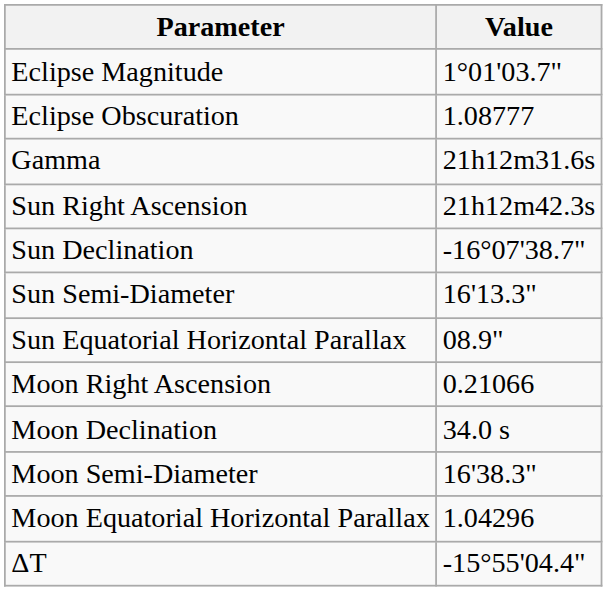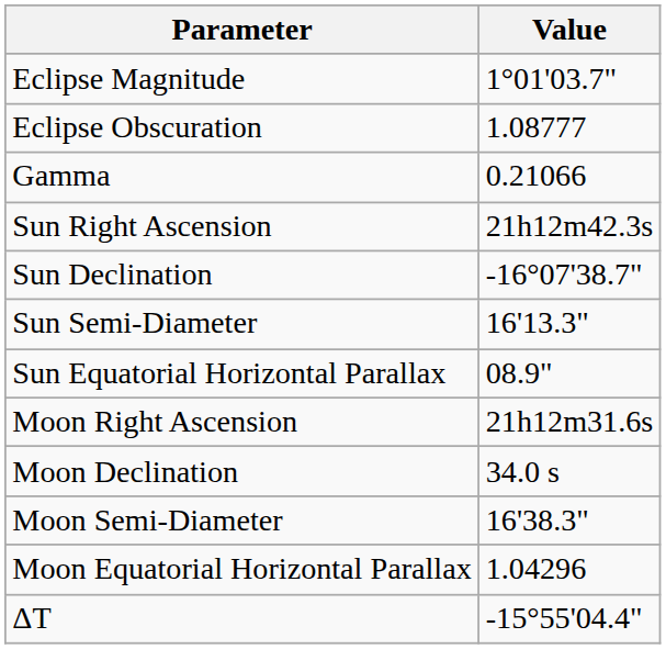 <table class="wikitable">
 <tr>
 <th>Parameter</th>
 <th>Value</th>
 </tr>
 <tr>
 <td>Eclipse Magnitude</td>
 <td>1°01'03.7"</td>
 </tr>
 <tr>
 <td>Eclipse Obscuration</td>
 <td>1.08777</td>
 </tr>
 <tr>
 <td>Gamma</td>
-<td>21h12m31.6s</td>
+<td>0.21066</td>
 </tr>
 <tr>
 <td>Sun Right Ascension</td>
 <td>21h12m42.3s</td>
 </tr>
 <tr>
 <td>Sun Declination</td>
 <td>-16°07'38.7"</td>
 </tr>
 <tr>
 <td>Sun Semi-Diameter</td>
 <td>16'13.3"</td>
 </tr>
 <tr>
 <td>Sun Equatorial Horizontal Parallax</td>
 <td>08.9"</td>
 </tr>
 <tr>
 <td>Moon Right Ascension</td>
-<td>0.21066</td>
+<td>21h12m31.6s</td>
 </tr>
 <tr>
 <td>Moon Declination</td>
 <td>34.0 s</td>
 </tr>
 <tr>
 <td>Moon Semi-Diameter</td>
 <td>16'38.3"</td>
 </tr>
 <tr>
 <td>Moon Equatorial Horizontal Parallax</td>
 <td>1.04296</td>
 </tr>
 <tr>
 <td>ΔT</td>
 <td>-15°55'04.4"</td>
 </tr>
 </table>
